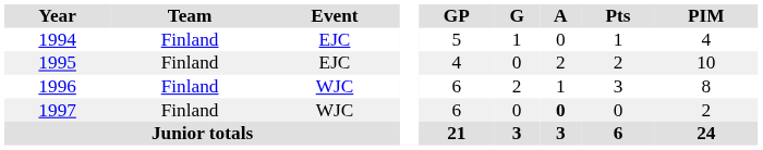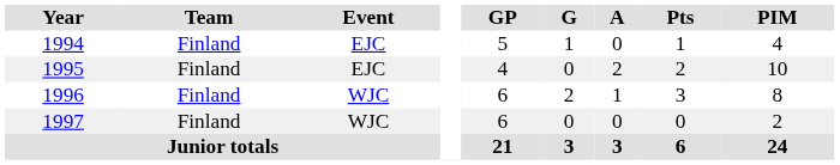 <table border="0" cellpadding="1" cellspacing="0" style="text-align:center; width:40em">
 <tr ALIGN="center" bgcolor="#e0e0e0">
 <th>Year</th>
 <th>Team</th>
 <th>Event</th>
 <th rowspan="99" bgcolor="#ffffff"> </th>
 <th>GP</th>
 <th>G</th>
 <th>A</th>
 <th>Pts</th>
 <th>PIM</th>
 </tr>
 <tr>
 <td><a href='#'>1994</a></td>
 <td><a href='#'>Finland</a></td>
 <td><a href='#'>EJC</a></td>
 <td>5</td>
 <td>1</td>
 <td>0</td>
 <td>1</td>
 <td>4</td>
 </tr>
 <tr bgcolor="#f0f0f0">
 <td><a href='#'>1995</a></td>
 <td>Finland</td>
 <td>EJC</td>
 <td>4</td>
 <td>0</td>
 <td>2</td>
 <td>2</td>
 <td>10</td>
 </tr>
 <tr>
 <td><a href='#'>1996</a></td>
 <td><a href='#'>Finland</a></td>
 <td><a href='#'>WJC</a></td>
 <td>6</td>
 <td>2</td>
 <td>1</td>
 <td>3</td>
 <td>8</td>
 </tr>
 <tr bgcolor="#f0f0f0">
 <td><a href='#'>1997</a></td>
 <td>Finland</td>
 <td>WJC</td>
 <td>6</td>
 <td>0</td>
-<td><strong>0</strong></td>
+<td>0</td>
 <td>0</td>
 <td>2</td>
 </tr>
 <tr bgcolor="#e0e0e0">
 <th colspan=3>Junior totals</th>
 <th>21</th>
 <th>3</th>
 <th>3</th>
 <th>6</th>
 <th>24</th>
 </tr>
 </table>
